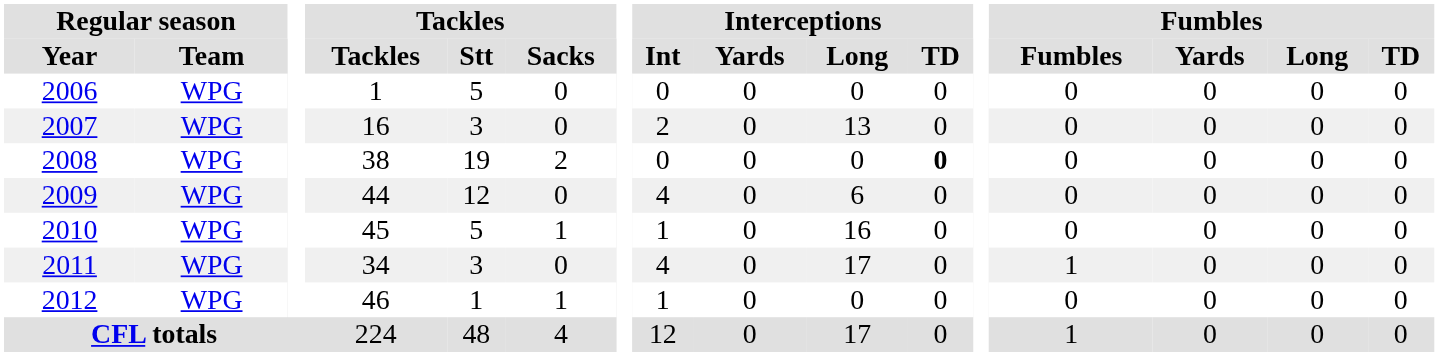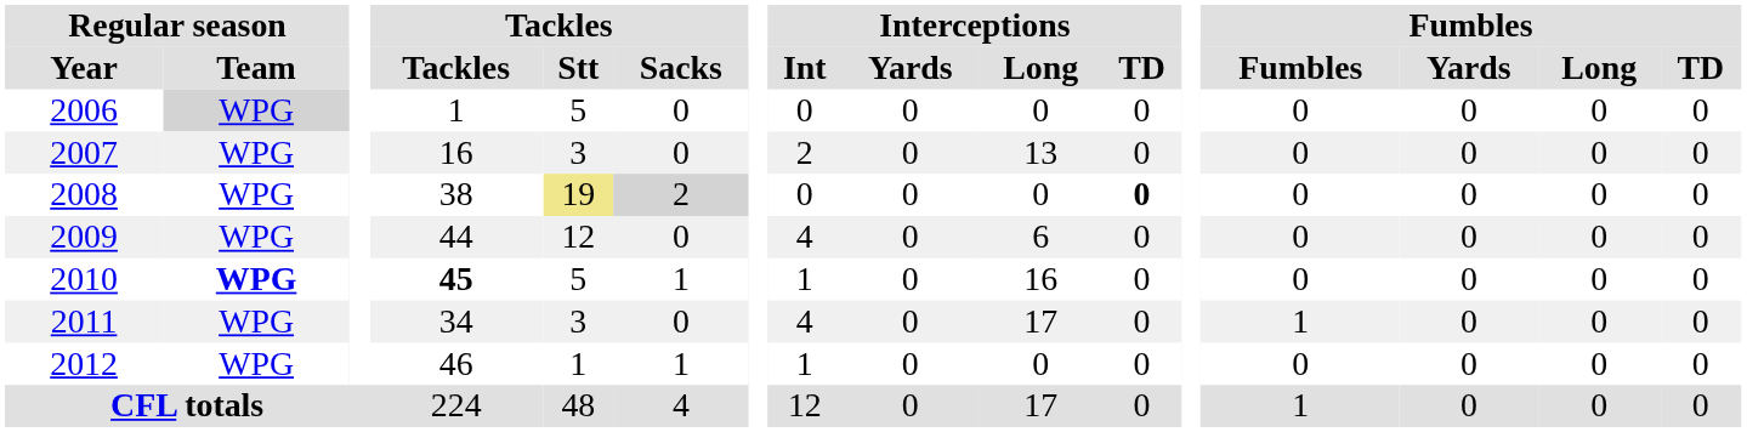 <table BORDER="0" CELLPADDING="1" CELLSPACING="0" width="65%" style="text-align:center">
 <tr bgcolor="#e0e0e0">
 <th colspan="2">Regular season</th>
 <th rowspan="99" bgcolor="#ffffff"> </th>
 <th colspan="3">Tackles</th>
 <th rowspan="99" bgcolor="#ffffff"> </th>
 <th colspan="4">Interceptions</th>
 <th rowspan="99" bgcolor="#ffffff"> </th>
 <th colspan="4">Fumbles</th>
 </tr>
 <tr bgcolor="#e0e0e0">
 <th>Year</th>
 <th>Team</th>
 <th>Tackles</th>
 <th>Stt</th>
 <th>Sacks</th>
 <th>Int</th>
 <th>Yards</th>
 <th>Long</th>
 <th>TD</th>
 <th>Fumbles</th>
 <th>Yards</th>
 <th>Long</th>
 <th>TD</th>
 </tr>
 <tr ALIGN="center">
 <td><a href='#'>2006</a></td>
-<td><a href='#'>WPG</a></td>
+<td style="background: lightgrey;"><a href='#'>WPG</a></td>
 <td>1</td>
 <td>5</td>
 <td>0</td>
 <td>0</td>
 <td>0</td>
 <td>0</td>
 <td>0</td>
 <td>0</td>
 <td>0</td>
 <td>0</td>
 <td>0</td>
 </tr>
 <tr ALIGN="center" bgcolor="#f0f0f0">
 <td><a href='#'>2007</a></td>
 <td><a href='#'>WPG</a></td>
 <td>16</td>
 <td>3</td>
 <td>0</td>
 <td>2</td>
 <td>0</td>
 <td>13</td>
 <td>0</td>
 <td>0</td>
 <td>0</td>
 <td>0</td>
 <td>0</td>
 </tr>
 <tr ALIGN="center">
 <td><a href='#'>2008</a></td>
 <td><a href='#'>WPG</a></td>
 <td>38</td>
-<td>19</td>
-<td>2</td>
+<td style="background: khaki;">19</td>
+<td style="background: lightgrey;">2</td>
 <td>0</td>
 <td>0</td>
 <td>0</td>
 <td><strong>0</strong></td>
 <td>0</td>
 <td>0</td>
 <td>0</td>
 <td>0</td>
 </tr>
 <tr ALIGN="center" bgcolor="#f0f0f0">
 <td><a href='#'>2009</a></td>
 <td><a href='#'>WPG</a></td>
 <td>44</td>
 <td>12</td>
 <td>0</td>
 <td>4</td>
 <td>0</td>
 <td>6</td>
 <td>0</td>
 <td>0</td>
 <td>0</td>
 <td>0</td>
 <td>0</td>
 </tr>
 <tr ALIGN="center">
 <td><a href='#'>2010</a></td>
-<td><a href='#'>WPG</a></td>
-<td>45</td>
+<td><strong><a href='#'>WPG</a></strong></td>
+<td><strong>45</strong></td>
 <td>5</td>
 <td>1</td>
 <td>1</td>
 <td>0</td>
 <td>16</td>
 <td>0</td>
 <td>0</td>
 <td>0</td>
 <td>0</td>
 <td>0</td>
 </tr>
 <tr ALIGN="center" bgcolor="#f0f0f0">
 <td><a href='#'>2011</a></td>
 <td><a href='#'>WPG</a></td>
 <td>34</td>
 <td>3</td>
 <td>0</td>
 <td>4</td>
 <td>0</td>
 <td>17</td>
 <td>0</td>
 <td>1</td>
 <td>0</td>
 <td>0</td>
 <td>0</td>
 </tr>
 <tr ALIGN="center">
 <td><a href='#'>2012</a></td>
 <td><a href='#'>WPG</a></td>
 <td>46</td>
 <td>1</td>
 <td>1</td>
 <td>1</td>
 <td>0</td>
 <td>0</td>
 <td>0</td>
 <td>0</td>
 <td>0</td>
 <td>0</td>
 <td>0</td>
 </tr>
 <tr bgcolor="#e0e0e0">
 <th colspan="3"><a href='#'>CFL</a> totals</th>
 <td>224</td>
 <td>48</td>
 <td>4</td>
 <td>12</td>
 <td>0</td>
 <td>17</td>
 <td>0</td>
 <td>1</td>
 <td>0</td>
 <td>0</td>
 <td>0</td>
 </tr>
 </table>
